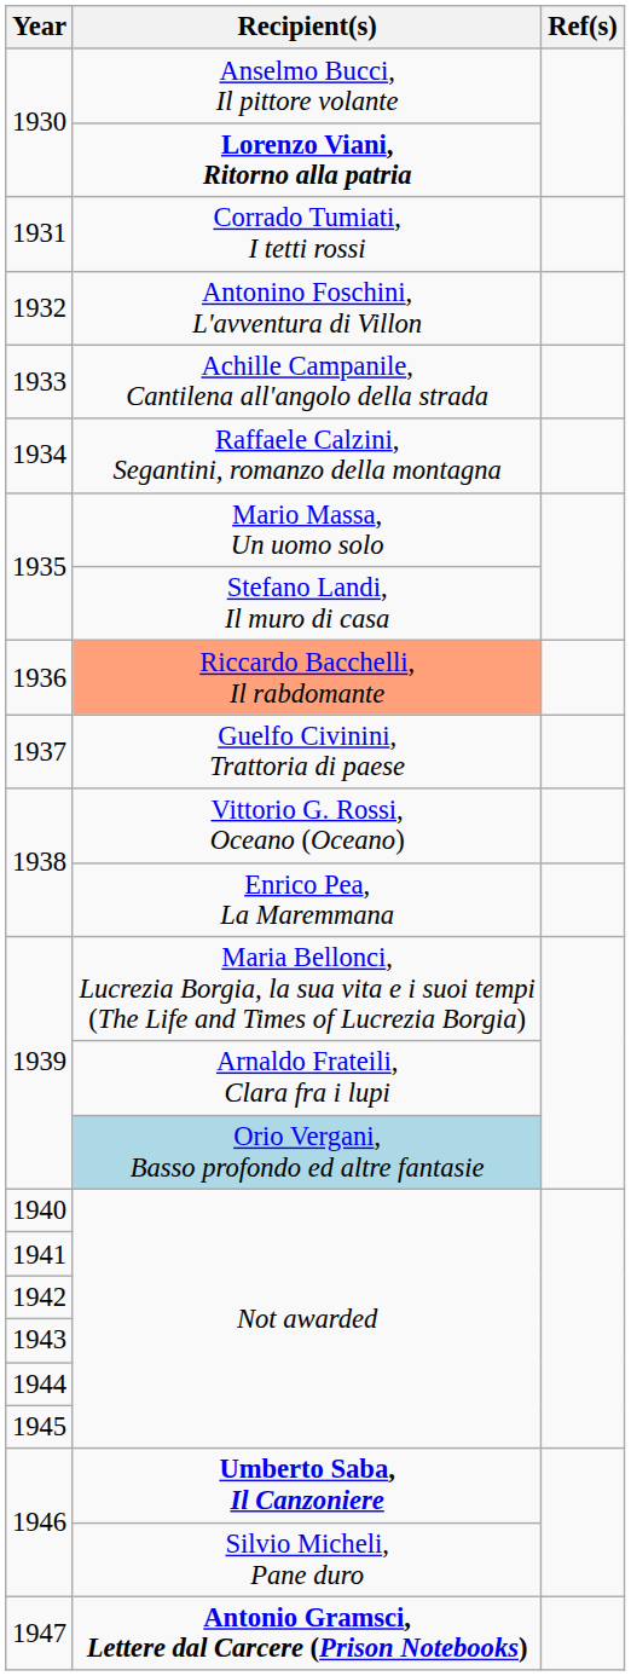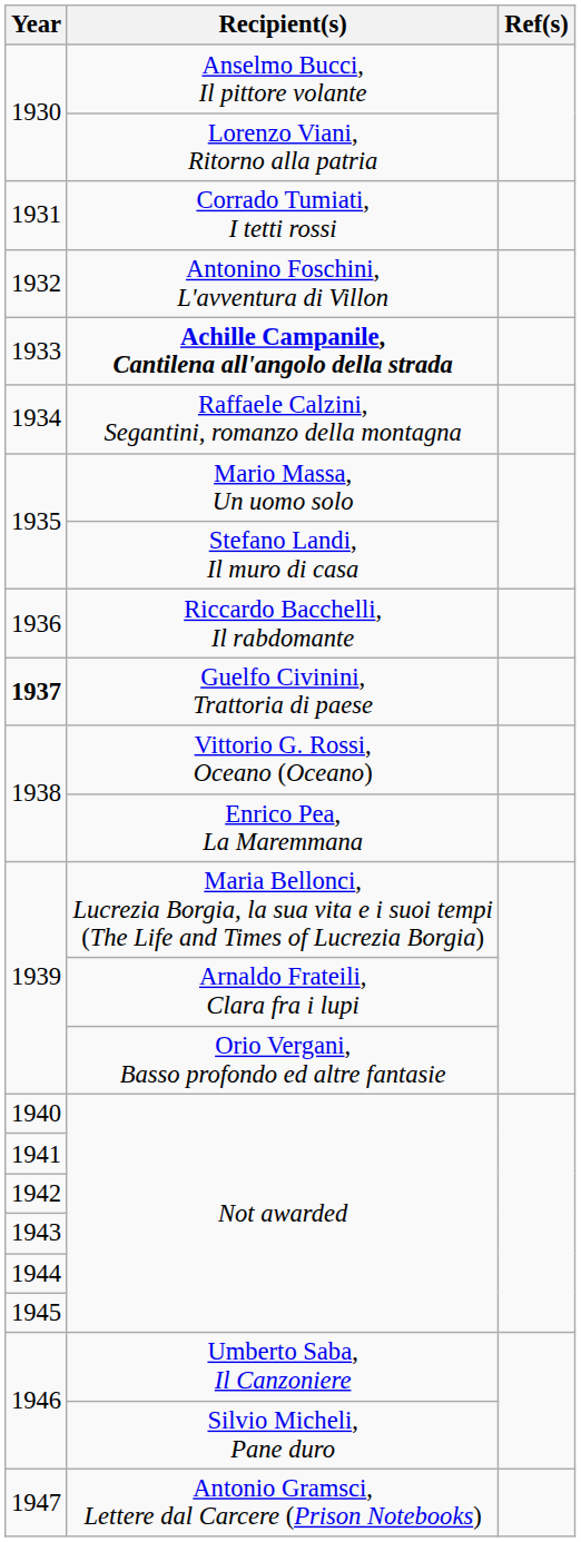 <table class="wikitable" style="text-align: center;">
 <tr>
 <th>Year</th>
 <th>Recipient(s)</th>
 <th>Ref(s)</th>
 </tr>
 <tr>
 <td rowspan="2">1930</td>
 <td><a href='#'>Anselmo Bucci</a>,<br><em>Il pittore volante</em></td>
 <td rowspan="2"></td>
 </tr>
 <tr>
-<td><strong><a href='#'>Lorenzo Viani</a>,<br><em>Ritorno alla patria</em></strong></td>
+<td><a href='#'>Lorenzo Viani</a>,<br><em>Ritorno alla patria</em></td>
 </tr>
 <tr>
 <td>1931</td>
 <td><a href='#'>Corrado Tumiati</a>,<br><em>I tetti rossi</em></td>
 <td></td>
 </tr>
 <tr>
 <td>1932</td>
 <td><a href='#'>Antonino Foschini</a>,<br><em>L'avventura di Villon</em></td>
 <td></td>
 </tr>
 <tr>
 <td>1933</td>
-<td><a href='#'>Achille Campanile</a>,<br><em>Cantilena all'angolo della strada</em></td>
+<td><strong><a href='#'>Achille Campanile</a>,<br><em>Cantilena all'angolo della strada</em></strong></td>
 <td></td>
 </tr>
 <tr>
 <td>1934</td>
 <td><a href='#'>Raffaele Calzini</a>,<br><em>Segantini, romanzo della montagna</em></td>
 <td></td>
 </tr>
 <tr>
 <td rowspan="2">1935</td>
 <td><a href='#'>Mario Massa</a>,<br><em>Un uomo solo</em></td>
 <td rowspan="2"></td>
 </tr>
 <tr>
 <td><a href='#'>Stefano Landi</a>,<br><em>Il muro di casa</em></td>
 </tr>
 <tr>
 <td>1936</td>
-<td style="background: lightsalmon;"><a href='#'>Riccardo Bacchelli</a>,<br><em>Il rabdomante</em></td>
+<td><a href='#'>Riccardo Bacchelli</a>,<br><em>Il rabdomante</em></td>
 <td></td>
 </tr>
 <tr>
-<td>1937</td>
+<td><strong>1937</strong></td>
 <td><a href='#'>Guelfo Civinini</a>,<br><em>Trattoria di paese</em></td>
 <td></td>
 </tr>
 <tr>
 <td rowspan="2">1938</td>
 <td><a href='#'>Vittorio G. Rossi</a>,<br><em>Oceano</em> (<em>Oceano</em>)</td>
 <td></td>
 </tr>
 <tr>
 <td><a href='#'>Enrico Pea</a>,<br><em>La Maremmana</em></td>
 <td></td>
 </tr>
 <tr>
 <td rowspan="3">1939</td>
 <td><a href='#'>Maria Bellonci</a>,<br><em>Lucrezia Borgia, la sua vita e i suoi tempi</em><br>(<em>The Life and Times of Lucrezia Borgia</em>)</td>
 <td rowspan="3"></td>
 </tr>
 <tr>
 <td><a href='#'>Arnaldo Frateili</a>,<br><em>Clara fra i lupi</em></td>
 </tr>
 <tr>
-<td style="background: lightblue;"><a href='#'>Orio Vergani</a>,<br><em>Basso profondo ed altre fantasie</em></td>
+<td><a href='#'>Orio Vergani</a>,<br><em>Basso profondo ed altre fantasie</em></td>
 </tr>
 <tr>
 <td>1940</td>
 <td rowspan="6"><em>Not awarded</em></td>
 <td rowspan="6"></td>
 </tr>
 <tr>
 <td>1941</td>
 </tr>
 <tr>
 <td>1942</td>
 </tr>
 <tr>
 <td>1943</td>
 </tr>
 <tr>
 <td>1944</td>
 </tr>
 <tr>
 <td>1945</td>
 </tr>
 <tr>
 <td rowspan="2">1946</td>
-<td><strong><a href='#'>Umberto Saba</a>,<br><em><a href='#'>Il Canzoniere</a></em></strong></td>
+<td><a href='#'>Umberto Saba</a>,<br><em><a href='#'>Il Canzoniere</a></em></td>
 <td rowspan="2"></td>
 </tr>
 <tr>
 <td><a href='#'>Silvio Micheli</a>,<br><em>Pane duro</em></td>
 </tr>
 <tr>
 <td>1947</td>
-<td><strong><a href='#'>Antonio Gramsci</a>,<br><em>Lettere dal Carcere</em> (<em><a href='#'>Prison Notebooks</a></em>)</strong></td>
+<td><a href='#'>Antonio Gramsci</a>,<br><em>Lettere dal Carcere</em> (<em><a href='#'>Prison Notebooks</a></em>)</td>
 <td></td>
 </tr>
 </table>
